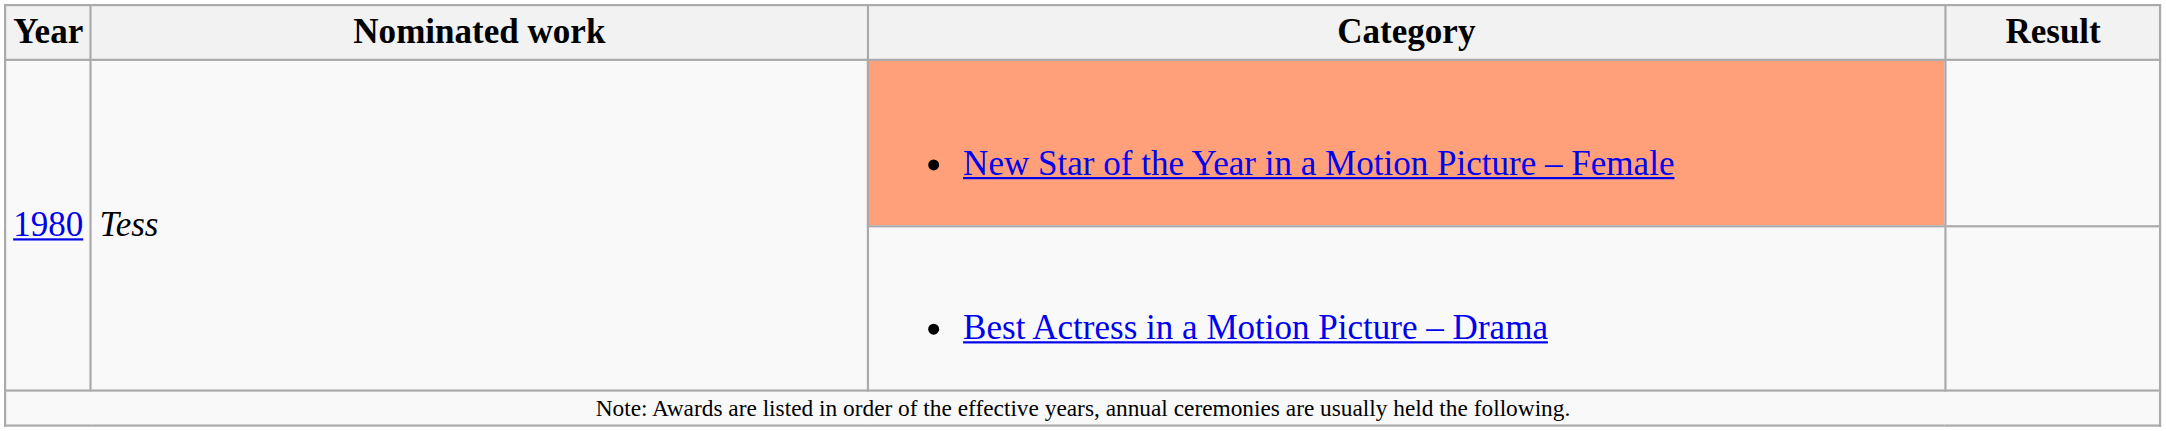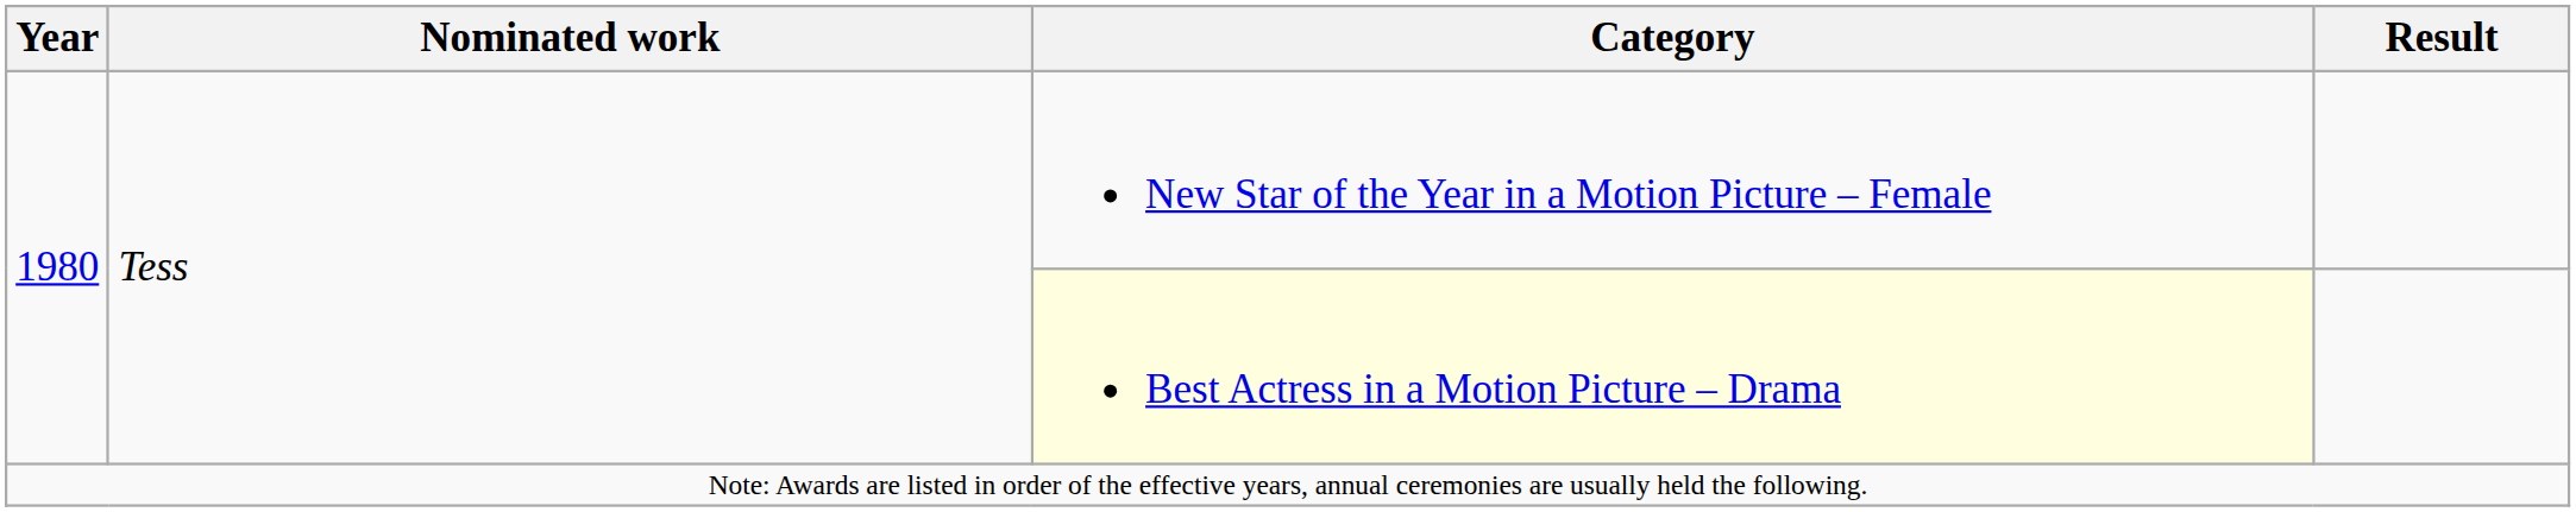 <table class=wikitable>
 <tr>
 <th width=4%>Year</th>
 <th width=36%>Nominated work</th>
 <th width=50%>Category</th>
 <th width=10%>Result</th>
 </tr>
 <tr>
 <td rowspan=2><a href='#'>1980</a></td>
 <td rowspan=2><em>Tess</em></td>
-<td style="background: lightsalmon;"><br><ul><li><a href='#'>New Star of the Year in a Motion Picture – Female</a></li></ul></td>
+<td><br><ul><li><a href='#'>New Star of the Year in a Motion Picture – Female</a></li></ul></td>
 <td></td>
 </tr>
 <tr>
-<td><br><ul><li><a href='#'>Best Actress in a Motion Picture – Drama</a></li></ul></td>
+<td style="background: lightyellow;"><br><ul><li><a href='#'>Best Actress in a Motion Picture – Drama</a></li></ul></td>
 <td></td>
 </tr>
 <tr>
 <td colspan=4 width=100% style=font-size:8pt align=center>Note: Awards are listed in order of the effective years, annual ceremonies are usually held the following.</td>
 </tr>
 </table>
